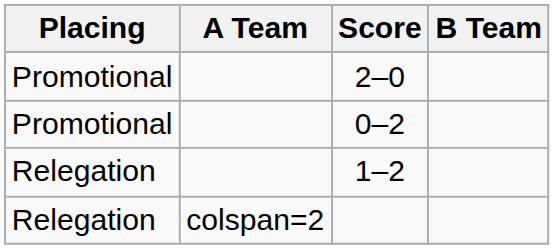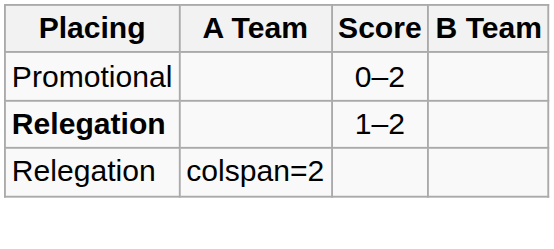 <table class=wikitable style="border:1px solid #AAAAAA;">
 <tr>
 <th>Placing</th>
 <th>A Team</th>
 <th>Score</th>
 <th>B Team</th>
 </tr>
 <tr>
 <td>Promotional</td>
-<td><strong></strong></td>
-<td align="center">2–0</td>
-<td></td>
-</tr>
-<tr>
-<td>Promotional</td>
 <td></td>
 <td align="center">0–2</td>
 <td><strong></strong></td>
 </tr>
 <tr>
-<td>Relegation</td>
+<td><strong>Relegation</strong></td>
 <td><em></em></td>
 <td align="center">1–2</td>
 <td><strong></strong></td>
 </tr>
 <tr>
 <td>Relegation</td>
 <td>colspan=2 </td>
 <td><em></em></td>
 </tr>
 </table>
